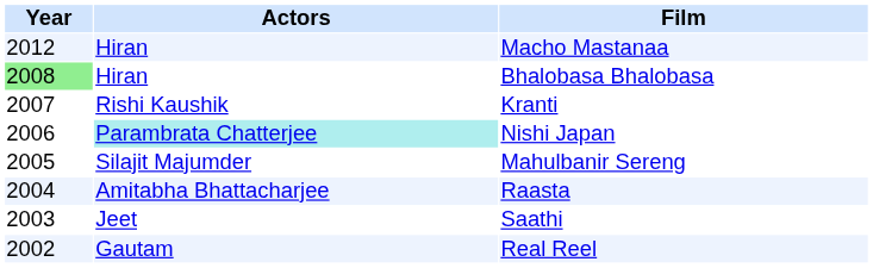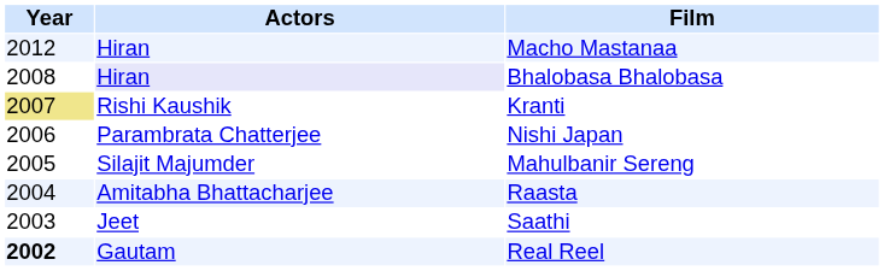 <table cellspacing="1" cellpadding="1" border="0" width="50%">
 <tr bgcolor="#d1e4fd">
 <th>Year</th>
 <th>Actors</th>
 <th>Film</th>
 </tr>
 <tr |- bgcolor=#edf3fe>
 <td>2012</td>
 <td><a href='#'>Hiran</a></td>
 <td><a href='#'>Macho Mastanaa</a></td>
 </tr>
 <tr>
-<td style="background: lightgreen;">2008</td>
-<td><a href='#'>Hiran</a></td>
+<td>2008</td>
+<td style="background: lavender;"><a href='#'>Hiran</a></td>
 <td><a href='#'>Bhalobasa Bhalobasa</a></td>
 </tr>
 <tr>
-<td>2007</td>
+<td style="background: khaki;">2007</td>
 <td><a href='#'>Rishi Kaushik</a></td>
 <td><a href='#'>Kranti</a></td>
 </tr>
 <tr>
 <td>2006</td>
-<td style="background: paleturquoise;"><a href='#'>Parambrata Chatterjee</a></td>
+<td><a href='#'>Parambrata Chatterjee</a></td>
 <td><a href='#'>Nishi Japan</a></td>
 </tr>
 <tr>
 <td>2005</td>
 <td><a href='#'>Silajit Majumder</a></td>
 <td><a href='#'>Mahulbanir Sereng</a></td>
 </tr>
 <tr bgcolor=#edf3fe>
 <td>2004</td>
 <td><a href='#'>Amitabha Bhattacharjee</a></td>
 <td><a href='#'>Raasta</a></td>
 </tr>
 <tr>
 <td>2003</td>
 <td><a href='#'>Jeet</a></td>
 <td><a href='#'>Saathi</a></td>
 </tr>
 <tr bgcolor=#edf3fe>
-<td>2002</td>
+<td><strong>2002</strong></td>
 <td><a href='#'>Gautam</a></td>
 <td><a href='#'>Real Reel</a></td>
 </tr>
 <tr bgcolor=#edf3fe>
 </tr>
 </table>
